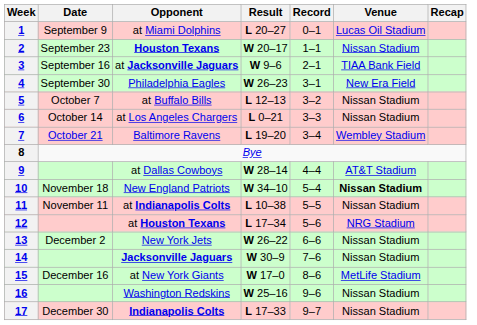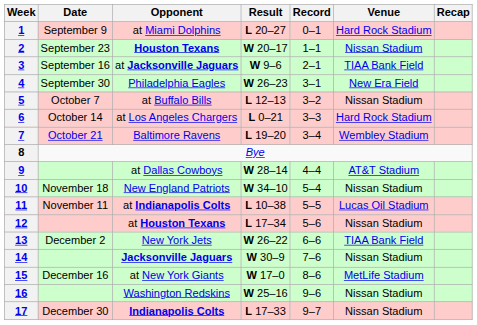 <table class="wikitable" style="text-align:center">
 <tr>
 <th>Week</th>
 <th>Date</th>
 <th>Opponent</th>
 <th>Result</th>
 <th>Record</th>
 <th>Venue</th>
 <th>Recap</th>
 </tr>
 <tr style="background:#fcc">
 <th><a href='#'>1</a></th>
 <td>September 9</td>
 <td>at <a href='#'>Miami Dolphins</a></td>
 <td><strong>L</strong> 20–27</td>
 <td>0–1</td>
-<td><a href='#'>Lucas Oil Stadium</a></td>
+<td><a href='#'>Hard Rock Stadium</a></td>
 <td></td>
 </tr>
 <tr style="background:#cfc">
 <th><a href='#'>2</a></th>
 <td>September 23</td>
 <td><strong><a href='#'>Houston Texans</a></strong></td>
 <td><strong>W</strong> 20–17</td>
 <td>1–1</td>
 <td><a href='#'>Nissan Stadium</a></td>
 <td></td>
 </tr>
 <tr style="background:#cfc">
 <th><a href='#'>3</a></th>
 <td>September 16</td>
 <td>at <strong><a href='#'>Jacksonville Jaguars</a></strong></td>
 <td><strong>W</strong> 9–6</td>
 <td>2–1</td>
 <td><a href='#'>TIAA Bank Field</a></td>
 <td></td>
 </tr>
 <tr style="background:#cfc">
 <th><a href='#'>4</a></th>
 <td>September 30</td>
 <td><a href='#'>Philadelphia Eagles</a></td>
 <td><strong>W</strong> 26–23 </td>
 <td>3–1</td>
 <td><a href='#'>New Era Field</a></td>
 <td></td>
 </tr>
 <tr style="background:#fcc">
 <th><a href='#'>5</a></th>
 <td>October 7</td>
 <td>at <a href='#'>Buffalo Bills</a></td>
 <td><strong>L</strong> 12–13</td>
 <td>3–2</td>
 <td>Nissan Stadium</td>
 <td></td>
 </tr>
 <tr style="background:#fcc">
 <th><a href='#'>6</a></th>
 <td>October 14</td>
 <td>at <a href='#'>Los Angeles Chargers</a></td>
 <td><strong>L</strong> 0–21</td>
 <td>3–3</td>
-<td>Nissan Stadium</td>
+<td><a href='#'>Hard Rock Stadium</a></td>
 <td></td>
 </tr>
 <tr style="background:#fcc">
 <th><a href='#'>7</a></th>
 <td><a href='#'>October 21</a></td>
 <td><a href='#'>Baltimore Ravens</a></td>
 <td><strong>L</strong> 19–20</td>
 <td>3–4</td>
 <td> <a href='#'>Wembley Stadium</a> </td>
 <td></td>
 </tr>
 <tr>
 <th>8</th>
 <td colspan="6"><em><a href='#'>Bye</a></em></td>
 </tr>
 <tr style="background:#cfc">
 <th><a href='#'>9</a></th>
 <td></td>
 <td>at <a href='#'>Dallas Cowboys</a></td>
 <td><strong>W</strong> 28–14</td>
 <td>4–4</td>
 <td><a href='#'>AT&T Stadium</a></td>
 <td></td>
 </tr>
 <tr style="background:#cfc">
 <th><a href='#'>10</a></th>
 <td>November 18</td>
 <td><a href='#'>New England Patriots</a></td>
 <td><strong>W</strong> 34–10</td>
 <td>5–4</td>
-<td><strong>Nissan Stadium</strong></td>
+<td>Nissan Stadium</td>
 <td></td>
 </tr>
 <tr style="background:#fcc">
 <th><a href='#'>11</a></th>
 <td>November 11</td>
 <td>at <strong><a href='#'>Indianapolis Colts</a></strong></td>
 <td><strong>L</strong> 10–38</td>
 <td>5–5</td>
-<td>Nissan Stadium</td>
+<td><a href='#'>Lucas Oil Stadium</a></td>
 <td></td>
 </tr>
 <tr style="background:#fcc">
 <th><a href='#'>12</a></th>
 <td></td>
 <td>at <strong><a href='#'>Houston Texans</a></strong></td>
 <td><strong>L</strong> 17–34</td>
 <td>5–6</td>
-<td><a href='#'>NRG Stadium</a></td>
+<td>Nissan Stadium</td>
 <td></td>
 </tr>
 <tr style="background:#cfc">
 <th><a href='#'>13</a></th>
 <td>December 2</td>
 <td><a href='#'>New York Jets</a></td>
 <td><strong>W</strong> 26–22</td>
 <td>6–6</td>
-<td>Nissan Stadium</td>
+<td><a href='#'>TIAA Bank Field</a></td>
 <td></td>
 </tr>
 <tr style="background:#cfc">
 <th><a href='#'>14</a></th>
 <td></td>
 <td><strong><a href='#'>Jacksonville Jaguars</a></strong></td>
 <td><strong>W</strong> 30–9</td>
 <td>7–6</td>
 <td>Nissan Stadium</td>
 <td></td>
 </tr>
 <tr style="background:#cfc">
 <th><a href='#'>15</a></th>
 <td>December 16</td>
 <td>at <a href='#'>New York Giants</a></td>
 <td><strong>W</strong> 17–0</td>
 <td>8–6</td>
 <td><a href='#'>MetLife Stadium</a></td>
 <td></td>
 </tr>
 <tr style="background:#cfc">
 <th><a href='#'>16</a></th>
 <td></td>
 <td><a href='#'>Washington Redskins</a></td>
 <td><strong>W</strong> 25–16</td>
 <td>9–6</td>
 <td>Nissan Stadium</td>
 <td></td>
 </tr>
 <tr style="background:#fcc">
 <th><a href='#'>17</a></th>
 <td>December 30</td>
 <td><strong><a href='#'>Indianapolis Colts</a></strong></td>
 <td><strong>L</strong> 17–33</td>
 <td>9–7</td>
 <td>Nissan Stadium</td>
 <td></td>
 </tr>
 </table>
